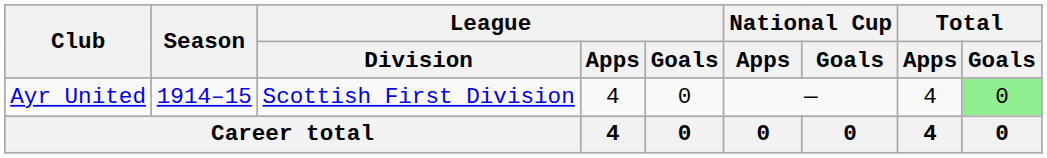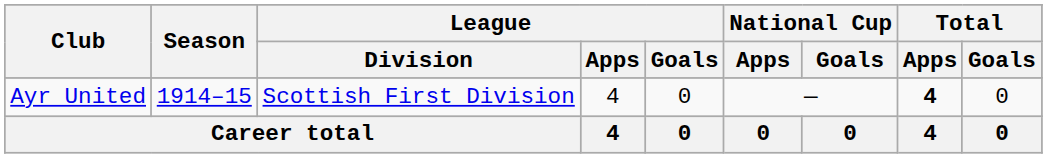 <table class="wikitable" style="text-align: center">
 <tr>
 <th rowspan="2">Club</th>
 <th rowspan="2">Season</th>
 <th colspan="3">League</th>
 <th colspan="2">National Cup</th>
 <th colspan="2">Total</th>
 </tr>
 <tr>
 <th>Division</th>
 <th>Apps</th>
 <th>Goals</th>
 <th>Apps</th>
 <th>Goals</th>
 <th>Apps</th>
 <th>Goals</th>
 </tr>
 <tr>
 <td><a href='#'>Ayr United</a></td>
 <td><a href='#'>1914–15</a></td>
 <td><a href='#'>Scottish First Division</a></td>
 <td>4</td>
 <td>0</td>
 <td colspan="2">―</td>
-<td>4</td>
-<td style="background: lightgreen;">0</td>
+<td><strong>4</strong></td>
+<td>0</td>
 </tr>
 <tr>
 <th colspan="3">Career total</th>
 <th>4</th>
 <th>0</th>
 <th>0</th>
 <th>0</th>
 <th>4</th>
 <th>0</th>
 </tr>
 </table>
